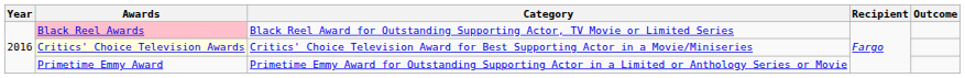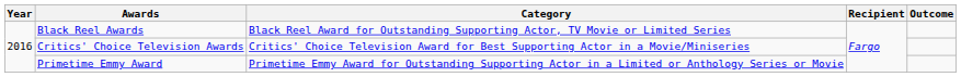 <table class="wikitable sortable">
 <tr>
 <th>Year</th>
 <th>Awards</th>
 <th>Category</th>
 <th>Recipient</th>
 <th>Outcome</th>
 </tr>
 <tr>
 <td rowspan=3>2016</td>
-<td style="background: pink;"><a href='#'>Black Reel Awards</a></td>
+<td><a href='#'>Black Reel Awards</a></td>
 <td><a href='#'>Black Reel Award for Outstanding Supporting Actor, TV Movie or Limited Series</a></td>
 <td rowspan=3><a href='#'><em>Fargo</em></a></td>
 <td></td>
 </tr>
 <tr>
-<td style="background: lightyellow;"><a href='#'>Critics' Choice Television Awards</a></td>
+<td><a href='#'>Critics' Choice Television Awards</a></td>
 <td><a href='#'>Critics' Choice Television Award for Best Supporting Actor in a Movie/Miniseries</a></td>
 <td></td>
 </tr>
 <tr>
 <td><a href='#'>Primetime Emmy Award</a></td>
 <td><a href='#'>Primetime Emmy Award for Outstanding Supporting Actor in a Limited or Anthology Series or Movie</a></td>
 <td></td>
 </tr>
 </table>
